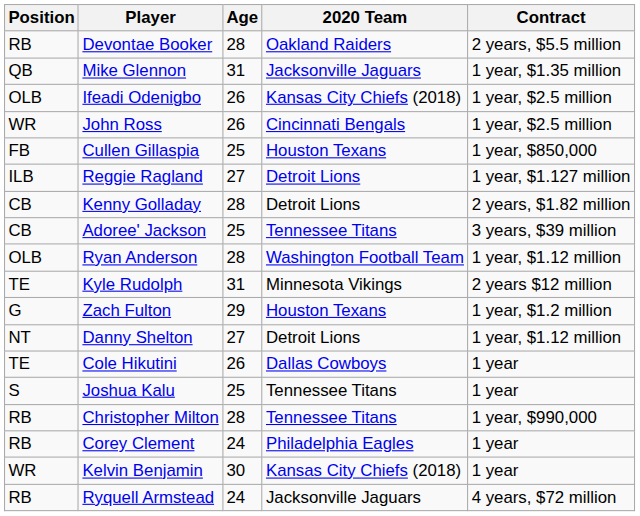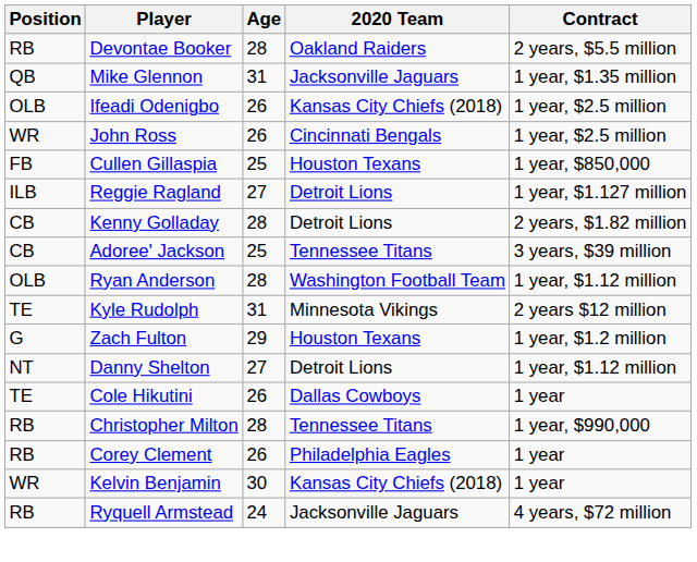 <table class="wikitable">
 <tr>
 <th>Position</th>
 <th>Player</th>
 <th>Age</th>
 <th>2020 Team</th>
 <th>Contract</th>
 </tr>
 <tr>
 <td>RB</td>
 <td><a href='#'>Devontae Booker</a></td>
 <td>28</td>
 <td><a href='#'>Oakland Raiders</a></td>
 <td>2 years, $5.5 million</td>
 </tr>
 <tr>
 <td>QB</td>
 <td><a href='#'>Mike Glennon</a></td>
 <td>31</td>
 <td><a href='#'>Jacksonville Jaguars</a></td>
 <td>1 year, $1.35 million</td>
 </tr>
 <tr>
 <td>OLB</td>
 <td><a href='#'>Ifeadi Odenigbo</a></td>
 <td>26</td>
 <td><a href='#'>Kansas City Chiefs</a> (2018)</td>
 <td>1 year, $2.5 million</td>
 </tr>
 <tr>
 <td>WR</td>
 <td><a href='#'>John Ross</a></td>
 <td>26</td>
 <td><a href='#'>Cincinnati Bengals</a></td>
 <td>1 year, $2.5 million</td>
 </tr>
 <tr>
 <td>FB</td>
 <td><a href='#'>Cullen Gillaspia</a></td>
 <td>25</td>
 <td><a href='#'>Houston Texans</a></td>
 <td>1 year, $850,000</td>
 </tr>
 <tr>
 <td>ILB</td>
 <td><a href='#'>Reggie Ragland</a></td>
 <td>27</td>
 <td><a href='#'>Detroit Lions</a></td>
 <td>1 year,  $1.127 million</td>
 </tr>
 <tr>
 <td>CB</td>
 <td><a href='#'>Kenny Golladay</a></td>
 <td>28</td>
 <td>Detroit Lions</td>
 <td>2 years, $1.82 million</td>
 </tr>
 <tr>
 <td>CB</td>
 <td><a href='#'>Adoree' Jackson</a></td>
 <td>25</td>
 <td><a href='#'>Tennessee Titans</a></td>
 <td>3 years, $39 million</td>
 </tr>
 <tr>
 <td>OLB</td>
 <td><a href='#'>Ryan Anderson</a></td>
 <td>28</td>
 <td><a href='#'>Washington Football Team</a></td>
 <td>1 year, $1.12 million</td>
 </tr>
 <tr>
 <td>TE</td>
 <td><a href='#'>Kyle Rudolph</a></td>
 <td>31</td>
 <td>Minnesota Vikings</td>
 <td>2 years $12 million</td>
 </tr>
 <tr>
 <td>G</td>
 <td><a href='#'>Zach Fulton</a></td>
 <td>29</td>
 <td><a href='#'>Houston Texans</a></td>
 <td>1 year, $1.2 million</td>
 </tr>
 <tr>
 <td>NT</td>
 <td><a href='#'>Danny Shelton</a></td>
 <td>27</td>
 <td>Detroit Lions</td>
 <td>1 year, $1.12 million</td>
 </tr>
 <tr>
 <td>TE</td>
 <td><a href='#'>Cole Hikutini</a></td>
 <td>26</td>
 <td><a href='#'>Dallas Cowboys</a></td>
 <td>1 year</td>
 </tr>
 <tr>
-<td>S</td>
-<td><a href='#'>Joshua Kalu</a></td>
-<td>25</td>
-<td>Tennessee Titans</td>
-<td>1 year</td>
-</tr>
-<tr>
 <td>RB</td>
 <td><a href='#'>Christopher Milton</a></td>
 <td>28</td>
 <td><a href='#'>Tennessee Titans</a></td>
 <td>1 year, $990,000</td>
 </tr>
 <tr>
 <td>RB</td>
 <td><a href='#'>Corey Clement</a></td>
-<td>24</td>
+<td>26</td>
 <td><a href='#'>Philadelphia Eagles</a></td>
 <td>1 year</td>
 </tr>
 <tr>
 <td>WR</td>
 <td><a href='#'>Kelvin Benjamin</a></td>
 <td>30</td>
 <td><a href='#'>Kansas City Chiefs</a> (2018)</td>
 <td>1 year</td>
 </tr>
 <tr>
 <td>RB</td>
 <td><a href='#'>Ryquell Armstead</a></td>
 <td>24</td>
 <td>Jacksonville Jaguars</td>
 <td>4 years, $72 million</td>
 </tr>
 </table>
